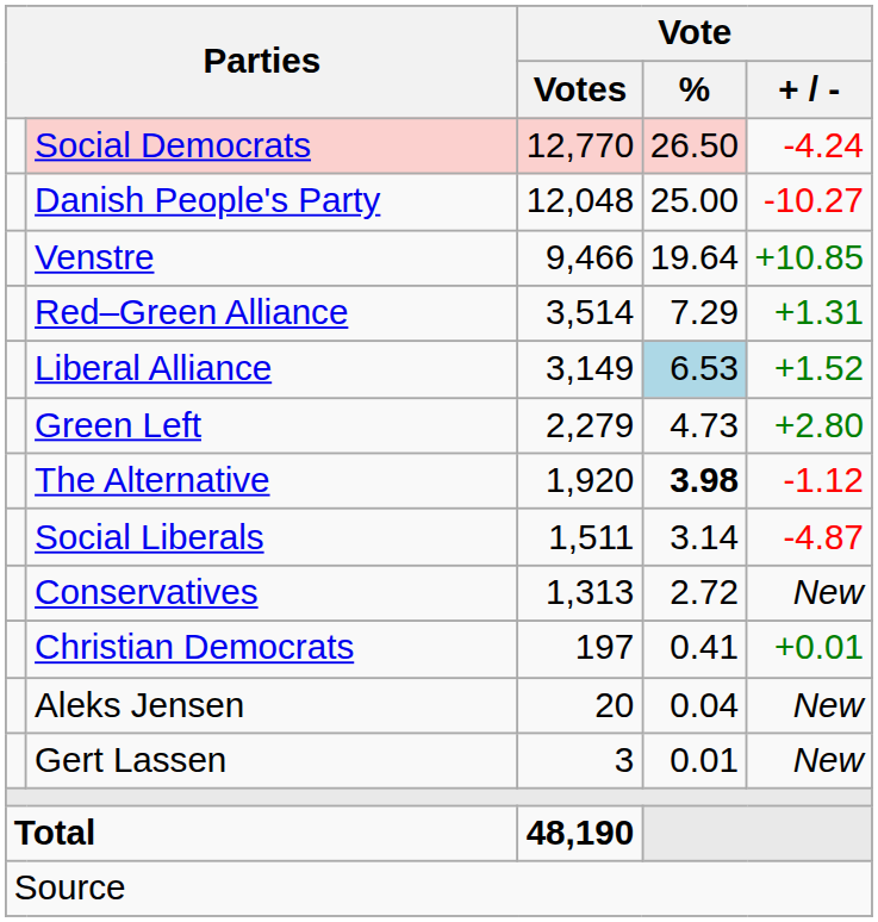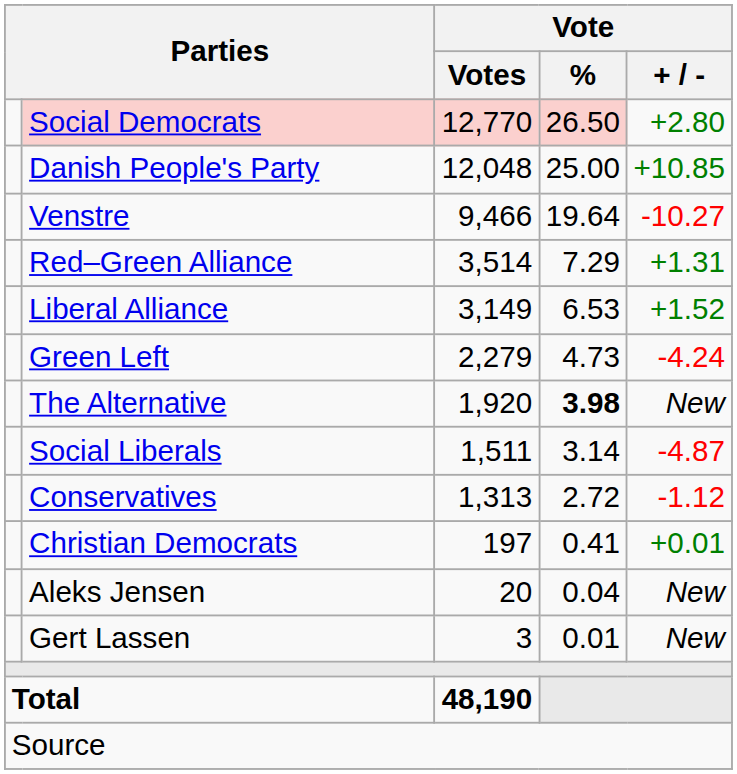 <table class="wikitable" style="text-align:right;">
 <tr>
 <th style="text-align:centre;" rowspan="2" colspan="2" width="225">Parties</th>
 <th colspan="3">Vote</th>
 </tr>
 <tr>
 <th width="15">Votes</th>
 <th width="15">%</th>
 <th width="15">+ / -</th>
 </tr>
 <tr>
 <td width="2" style="color:inherit;background:"></td>
 <td bgcolor=#fbd0ce  align="left"><a href='#'>Social Democrats</a></td>
 <td bgcolor=#fbd0ce>12,770</td>
 <td bgcolor=#fbd0ce>26.50</td>
-<td style=color:red;>-4.24</td>
+<td style=color:green;>+2.80</td>
 </tr>
 <tr>
 <td width="2" style="color:inherit;background:"></td>
 <td align="left"><a href='#'>Danish People's Party</a></td>
 <td>12,048</td>
 <td>25.00</td>
-<td style=color:red;>-10.27</td>
+<td style=color:green;>+10.85</td>
 </tr>
 <tr>
 <td width="2" style="color:inherit;background:"></td>
 <td align="left"><a href='#'>Venstre</a></td>
 <td>9,466</td>
 <td>19.64</td>
-<td style=color:green;>+10.85</td>
+<td style=color:red;>-10.27</td>
 </tr>
 <tr>
 <td width="2" style="color:inherit;background:"></td>
 <td align="left"><a href='#'>Red–Green Alliance</a></td>
 <td>3,514</td>
 <td>7.29</td>
 <td style=color:green;>+1.31</td>
 </tr>
 <tr>
 <td width="2" style="color:inherit;background:"></td>
 <td align="left"><a href='#'>Liberal Alliance</a></td>
 <td>3,149</td>
-<td style="background: lightblue;">6.53</td>
+<td>6.53</td>
 <td style=color:green;>+1.52</td>
 </tr>
 <tr>
 <td width="2" style="color:inherit;background:"></td>
 <td align="left"><a href='#'>Green Left</a></td>
 <td>2,279</td>
 <td>4.73</td>
-<td style=color:green;>+2.80</td>
+<td style=color:red;>-4.24</td>
 </tr>
 <tr>
 <td width="2" style="color:inherit;background:"></td>
 <td align="left"><a href='#'>The Alternative</a></td>
 <td>1,920</td>
 <td><strong>3.98</strong></td>
-<td style=color:red;>-1.12</td>
+<td><em>New</em></td>
 </tr>
 <tr>
 <td width="2" style="color:inherit;background:"></td>
 <td align="left"><a href='#'>Social Liberals</a></td>
 <td>1,511</td>
 <td>3.14</td>
 <td style=color:red;>-4.87</td>
 </tr>
 <tr>
 <td width="2" style="color:inherit;background:"></td>
 <td align="left"><a href='#'>Conservatives</a></td>
 <td>1,313</td>
 <td>2.72</td>
-<td><em>New</em></td>
+<td style=color:red;>-1.12</td>
 </tr>
 <tr>
 <td width="2" style="color:inherit;background:"></td>
 <td align="left"><a href='#'>Christian Democrats</a></td>
 <td>197</td>
 <td>0.41</td>
 <td style=color:green;>+0.01</td>
 </tr>
 <tr>
 <td width="2" style="color:inherit;background:"></td>
 <td align="left">Aleks Jensen</td>
 <td>20</td>
 <td>0.04</td>
 <td><em>New</em></td>
 </tr>
 <tr>
 <td width="2" style="color:inherit;background:"></td>
 <td align="left">Gert Lassen</td>
 <td>3</td>
 <td>0.01</td>
 <td><em>New</em></td>
 </tr>
 <tr>
 <td colspan="7" bgcolor="#E9E9E9"></td>
 </tr>
 <tr>
 <td align="left" colspan="2"><strong>Total</strong></td>
 <td><strong>48,190</strong></td>
 <td bgcolor="#E9E9E9" colspan="2"></td>
 </tr>
 <tr>
 <td align="left" colspan="6">Source</td>
 </tr>
 </table>
